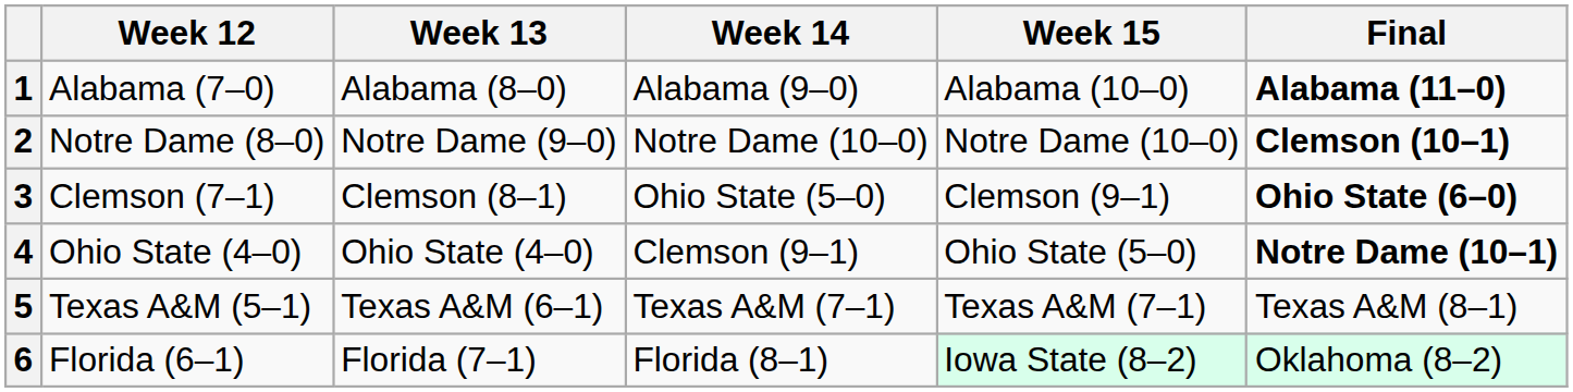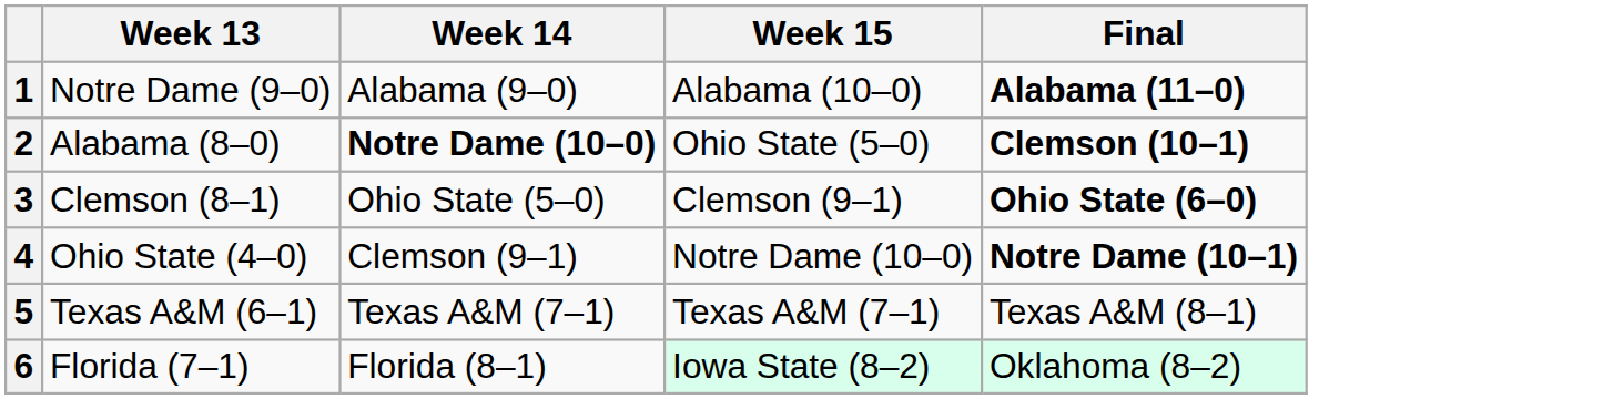 <table class="wikitable" style="font-size:90%">
 <tr>
 <th></th>
-<th>Week 12</th>
 <th>Week 13</th>
 <th>Week 14</th>
 <th>Week 15</th>
 <th>Final</th>
 </tr>
 <tr>
 <th>1</th>
-<td>Alabama (7–0)</td>
-<td>Alabama (8–0)</td>
+<td>Notre Dame (9–0)</td>
 <td>Alabama (9–0)</td>
 <td>Alabama (10–0)</td>
 <td style="background:#"><strong>Alabama (11–0)</strong></td>
 </tr>
 <tr>
 <th>2</th>
-<td>Notre Dame (8–0)</td>
-<td>Notre Dame (9–0)</td>
-<td>Notre Dame (10–0)</td>
-<td>Notre Dame (10–0)</td>
+<td>Alabama (8–0)</td>
+<td><strong>Notre Dame (10–0)</strong></td>
+<td>Ohio State (5–0)</td>
 <td style="background:#"><strong>Clemson (10–1)</strong></td>
 </tr>
 <tr>
 <th>3</th>
-<td>Clemson (7–1)</td>
 <td>Clemson (8–1)</td>
 <td>Ohio State (5–0)</td>
 <td>Clemson (9–1)</td>
 <td style="background:#"><strong>Ohio State (6–0)</strong></td>
 </tr>
 <tr>
 <th>4</th>
 <td>Ohio State (4–0)</td>
-<td>Ohio State (4–0)</td>
 <td>Clemson (9–1)</td>
-<td>Ohio State (5–0)</td>
+<td>Notre Dame (10–0)</td>
 <td style="background:#"><strong>Notre Dame (10–1)</strong></td>
 </tr>
 <tr>
 <th>5</th>
-<td>Texas A&M (5–1)</td>
 <td>Texas A&M (6–1)</td>
 <td>Texas A&M (7–1)</td>
 <td>Texas A&M (7–1)</td>
 <td>Texas A&M (8–1)</td>
 </tr>
 <tr>
 <th>6</th>
-<td>Florida (6–1)</td>
 <td>Florida (7–1)</td>
 <td>Florida (8–1)</td>
 <td style="background:#d8ffeb">Iowa State (8–2)</td>
 <td style="background:#d8ffeb">Oklahoma (8–2)</td>
 </tr>
 </table>
